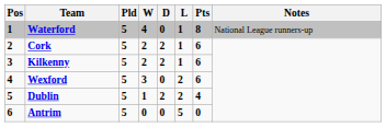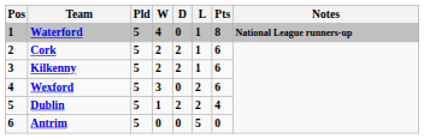 <table class="wikitable" style="text-align: centre;">
 <tr>
 <th width=20>Pos</th>
 <th width=135>Team</th>
 <th width=20>Pld</th>
 <th width=20>W</th>
 <th width=20>D</th>
 <th width=20>L</th>
 <th width=20>Pts</th>
 <th width=250>Notes</th>
 </tr>
 <tr style="background:silver;">
 <td><strong>1</strong></td>
 <td align=left><strong> <a href='#'>Waterford</a> </strong></td>
 <td><strong>5</strong></td>
 <td><strong>4</strong></td>
 <td><strong>0</strong></td>
 <td><strong>1</strong></td>
 <td><strong>8</strong></td>
-<td><small>National League runners-up</small></td>
+<td><strong><small>National League runners-up</small></strong></td>
 </tr>
 <tr>
 <td><strong>2</strong></td>
 <td align=left><strong> <a href='#'>Cork</a> </strong></td>
 <td><strong>5</strong></td>
 <td><strong>2</strong></td>
 <td><strong>2</strong></td>
 <td><strong>1</strong></td>
 <td><strong>6</strong></td>
 </tr>
 <tr>
 <td><strong>3</strong></td>
 <td align=left><strong> <a href='#'>Kilkenny</a> </strong></td>
 <td><strong>5</strong></td>
 <td><strong>2</strong></td>
 <td><strong>2</strong></td>
 <td><strong>1</strong></td>
 <td><strong>6</strong></td>
 </tr>
 <tr>
 <td><strong>4</strong></td>
 <td align=left><strong> <a href='#'>Wexford</a> </strong></td>
 <td><strong>5</strong></td>
 <td><strong>3</strong></td>
 <td><strong>0</strong></td>
 <td><strong>2</strong></td>
 <td><strong>6</strong></td>
 </tr>
 <tr>
 <td><strong>5</strong></td>
 <td align=left><strong> <a href='#'>Dublin</a> </strong></td>
 <td><strong>5</strong></td>
 <td><strong>1</strong></td>
 <td><strong>2</strong></td>
 <td><strong>2</strong></td>
 <td><strong>4</strong></td>
 </tr>
 <tr>
 <td><strong>6</strong></td>
 <td align=left><strong> <a href='#'>Antrim</a> </strong></td>
 <td><strong>5</strong></td>
 <td><strong>0</strong></td>
 <td><strong>0</strong></td>
 <td><strong>5</strong></td>
 <td><strong>0</strong></td>
 </tr>
 </table>
